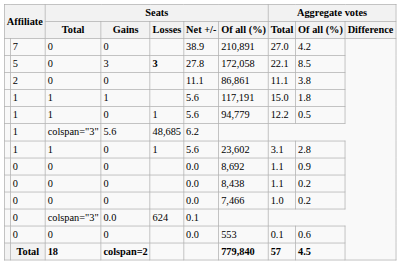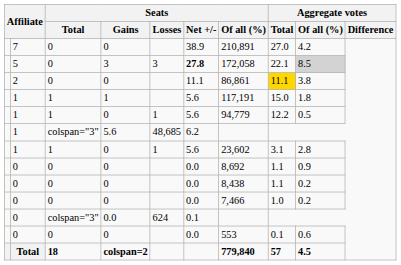 <table class="wikitable sortable defaultright col2left" style="font-size:95%;">
 <tr>
 <th colspan="2" rowspan="2">Affiliate</th>
 <th colspan="5">Seats</th>
 <th colspan="3">Aggregate votes</th>
 </tr>
 <tr>
 <th>Total</th>
 <th>Gains</th>
 <th>Losses</th>
 <th>Net +/-</th>
 <th>Of all (%)</th>
 <th>Total</th>
 <th>Of all (%)</th>
 <th>Difference</th>
 </tr>
 <tr>
 <td></td>
 <td>7</td>
 <td>0</td>
 <td>0</td>
 <td></td>
 <td>38.9</td>
 <td>210,891</td>
 <td>27.0</td>
 <td>4.2</td>
 </tr>
 <tr>
 <td></td>
 <td>5</td>
 <td>0</td>
 <td>3</td>
-<td><strong>3</strong></td>
-<td>27.8</td>
+<td>3</td>
+<td><strong>27.8</strong></td>
 <td>172,058</td>
 <td>22.1</td>
-<td>8.5</td>
+<td style="background: lightgrey;">8.5</td>
 </tr>
 <tr>
 <td></td>
 <td>2</td>
 <td>0</td>
 <td>0</td>
 <td></td>
 <td>11.1</td>
 <td>86,861</td>
-<td>11.1</td>
+<td style="background: gold;">11.1</td>
 <td>3.8</td>
 </tr>
 <tr>
 <td></td>
 <td>1</td>
 <td>1</td>
 <td>1</td>
 <td></td>
 <td>5.6</td>
 <td>117,191</td>
 <td>15.0</td>
 <td>1.8</td>
 </tr>
 <tr>
 <td></td>
 <td>1</td>
 <td>1</td>
 <td>0</td>
 <td>1</td>
 <td>5.6</td>
 <td>94,779</td>
 <td>12.2</td>
 <td>0.5</td>
 </tr>
 <tr>
 <td></td>
 <td>1</td>
 <td>colspan="3"   </td>
 <td>5.6</td>
 <td>48,685</td>
 <td>6.2</td>
 <td></td>
 </tr>
 <tr>
 <td></td>
 <td>1</td>
 <td>1</td>
 <td>0</td>
 <td>1</td>
 <td>5.6</td>
 <td>23,602</td>
 <td>3.1</td>
 <td>2.8</td>
 </tr>
 <tr>
 <td></td>
 <td>0</td>
 <td>0</td>
 <td>0</td>
 <td></td>
 <td>0.0</td>
 <td>8,692</td>
 <td>1.1</td>
 <td>0.9</td>
 </tr>
 <tr>
 <td></td>
 <td>0</td>
 <td>0</td>
 <td>0</td>
 <td></td>
 <td>0.0</td>
 <td>8,438</td>
 <td>1.1</td>
 <td>0.2</td>
 </tr>
 <tr>
 <td></td>
 <td>0</td>
 <td>0</td>
 <td>0</td>
 <td></td>
 <td>0.0</td>
 <td>7,466</td>
 <td>1.0</td>
 <td>0.2</td>
 </tr>
 <tr>
 <td></td>
 <td>0</td>
 <td>colspan="3"   </td>
 <td>0.0</td>
 <td>624</td>
 <td>0.1</td>
 <td></td>
 </tr>
 <tr>
 <td></td>
 <td>0</td>
 <td>0</td>
 <td>0</td>
 <td></td>
 <td>0.0</td>
 <td>553</td>
 <td>0.1</td>
 <td>0.6</td>
 </tr>
 <tr style="font-weight:bold;" class=sortbottom>
 <td style="background-color:#f2f2f2;"></td>
 <th scope="row" style="background-color:#f2f2f2;">Total</th>
 <td>18</td>
 <td>colspan=2   </td>
 <td></td>
 <td></td>
 <td>779,840</td>
 <td>57</td>
 <td>4.5</td>
 </tr>
 </table>
